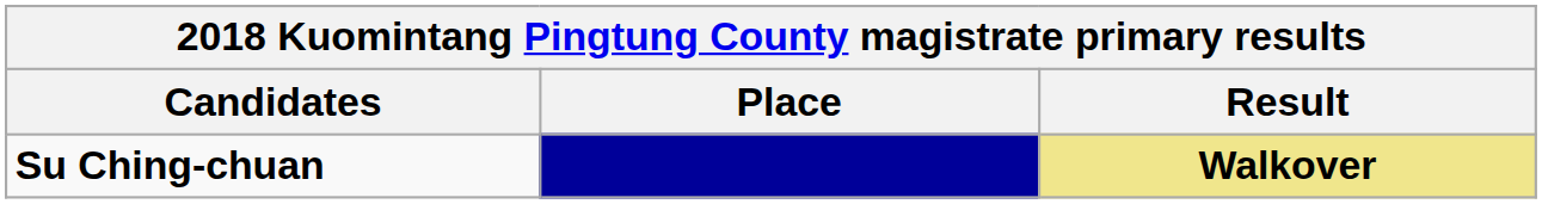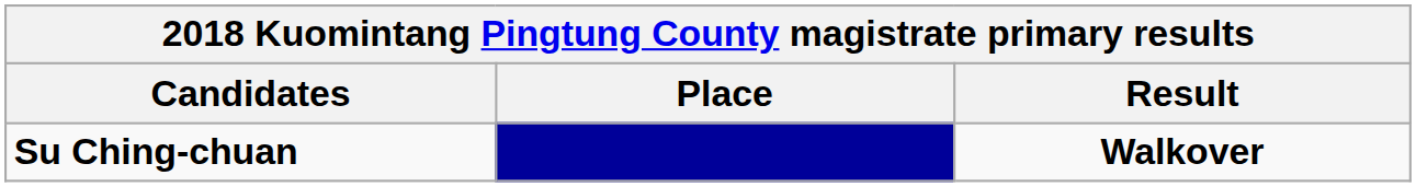 <table class="wikitable collapsible">
 <tr>
 <th colspan="6" width=600>2018 Kuomintang <a href='#'>Pingtung County</a> magistrate primary results</th>
 </tr>
 <tr>
 <th width=80>Candidates</th>
 <th width=80>Place</th>
 <th width=80>Result</th>
 </tr>
 <tr>
 <td><strong>Su Ching-chuan</strong></td>
 <td style="background: #000099; text-align:center"><strong></strong></td>
-<td style="background: khaki; text-align:center"><strong>Walkover</strong></td>
+<td style="text-align:center"><strong>Walkover</strong></td>
 </tr>
 </table>
